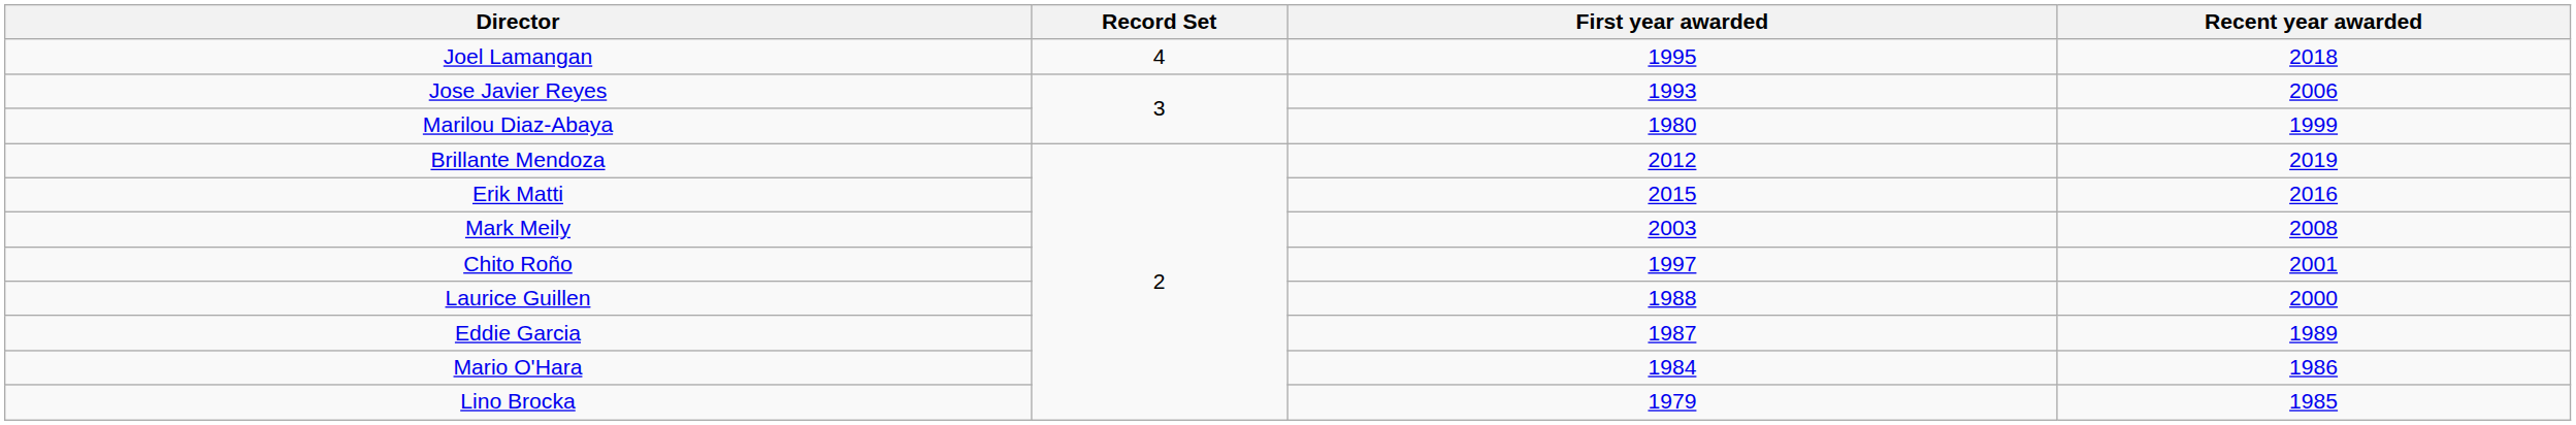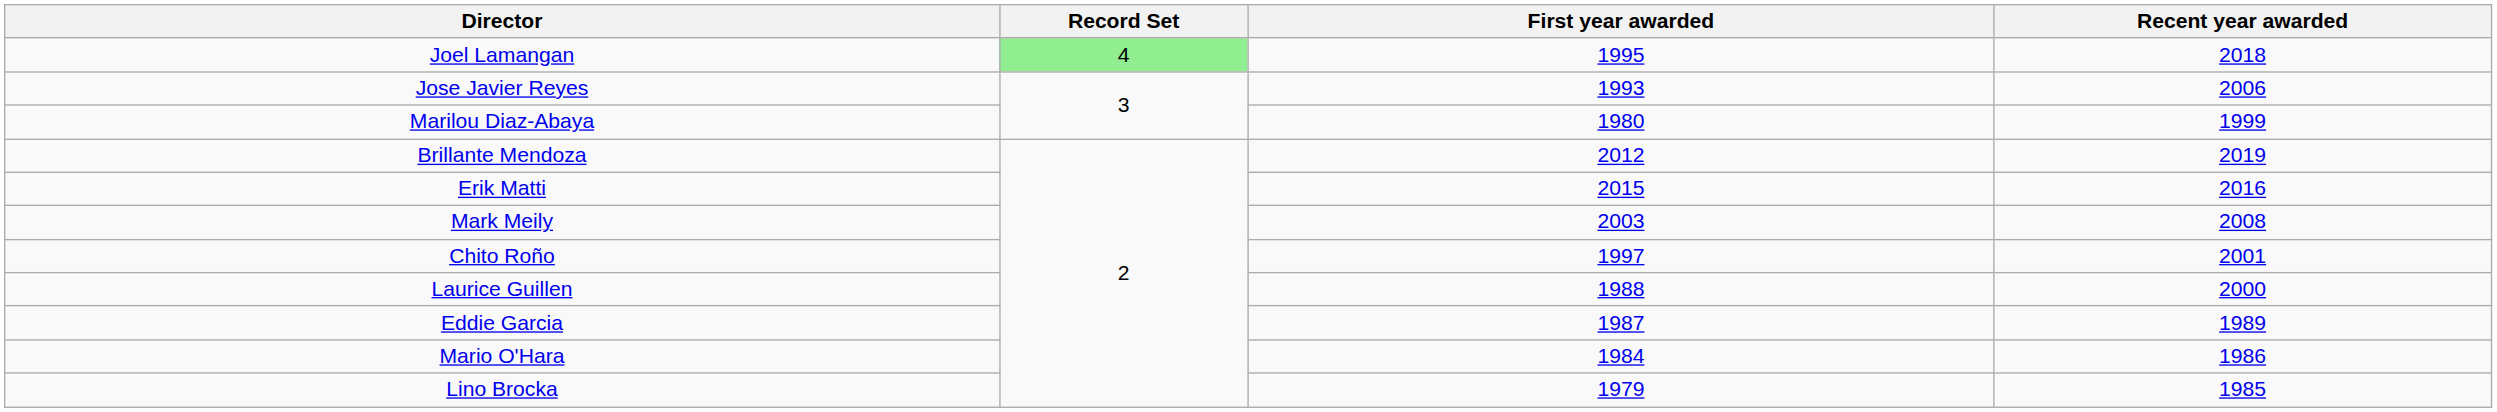 <table class="wikitable" style="width:95%; text-align:center;">
 <tr>
 <th width=40%>Director</th>
 <th width=10%>Record Set</th>
 <th style="width:30%;">First year awarded</th>
 <th width=30%>Recent year awarded</th>
 </tr>
 <tr>
 <td><a href='#'>Joel Lamangan</a></td>
-<td>4</td>
+<td style="background: lightgreen;">4</td>
 <td><a href='#'>1995</a></td>
 <td><a href='#'>2018</a></td>
 </tr>
 <tr>
 <td><a href='#'>Jose Javier Reyes</a></td>
 <td rowspan=2>3</td>
 <td><a href='#'>1993</a></td>
 <td><a href='#'>2006</a></td>
 </tr>
 <tr>
 <td><a href='#'>Marilou Diaz-Abaya</a></td>
 <td><a href='#'>1980</a></td>
 <td><a href='#'>1999</a></td>
 </tr>
 <tr>
 <td><a href='#'>Brillante Mendoza</a></td>
 <td rowspan=8>2</td>
 <td><a href='#'>2012</a></td>
 <td><a href='#'>2019</a></td>
 </tr>
 <tr>
 <td><a href='#'>Erik Matti</a></td>
 <td><a href='#'>2015</a></td>
 <td><a href='#'>2016</a></td>
 </tr>
 <tr>
 <td><a href='#'>Mark Meily</a></td>
 <td><a href='#'>2003</a></td>
 <td><a href='#'>2008</a></td>
 </tr>
 <tr>
 <td><a href='#'>Chito Roño</a></td>
 <td><a href='#'>1997</a></td>
 <td><a href='#'>2001</a></td>
 </tr>
 <tr>
 <td><a href='#'>Laurice Guillen</a></td>
 <td><a href='#'>1988</a></td>
 <td><a href='#'>2000</a></td>
 </tr>
 <tr>
 <td><a href='#'>Eddie Garcia</a></td>
 <td><a href='#'>1987</a></td>
 <td><a href='#'>1989</a></td>
 </tr>
 <tr>
 <td><a href='#'>Mario O'Hara</a></td>
 <td><a href='#'>1984</a></td>
 <td><a href='#'>1986</a></td>
 </tr>
 <tr>
 <td><a href='#'>Lino Brocka</a></td>
 <td><a href='#'>1979</a></td>
 <td><a href='#'>1985</a></td>
 </tr>
 </table>
